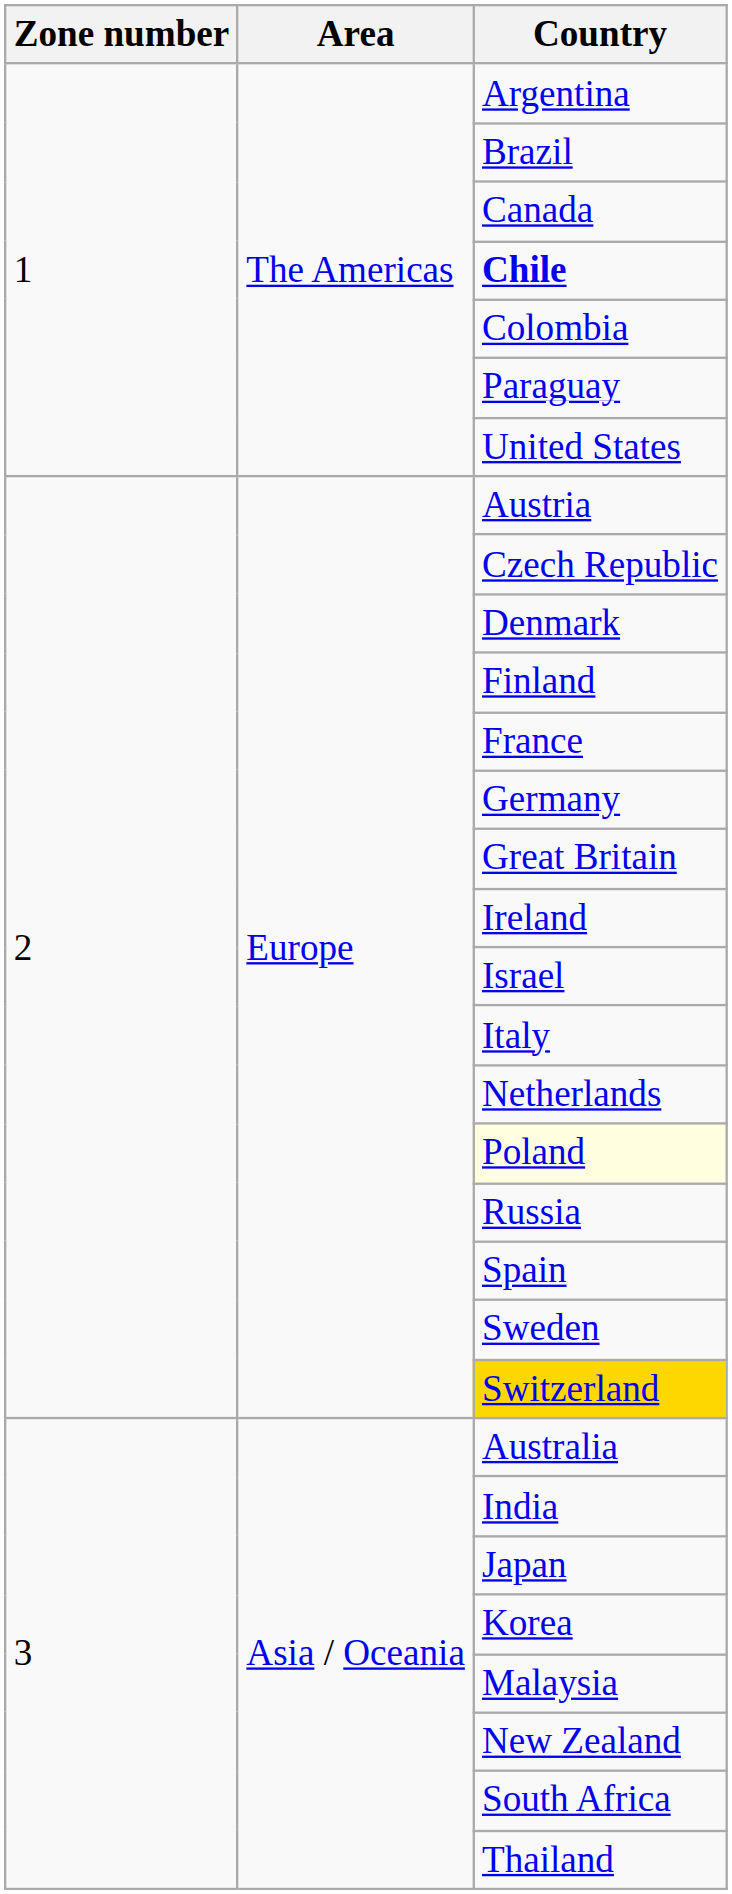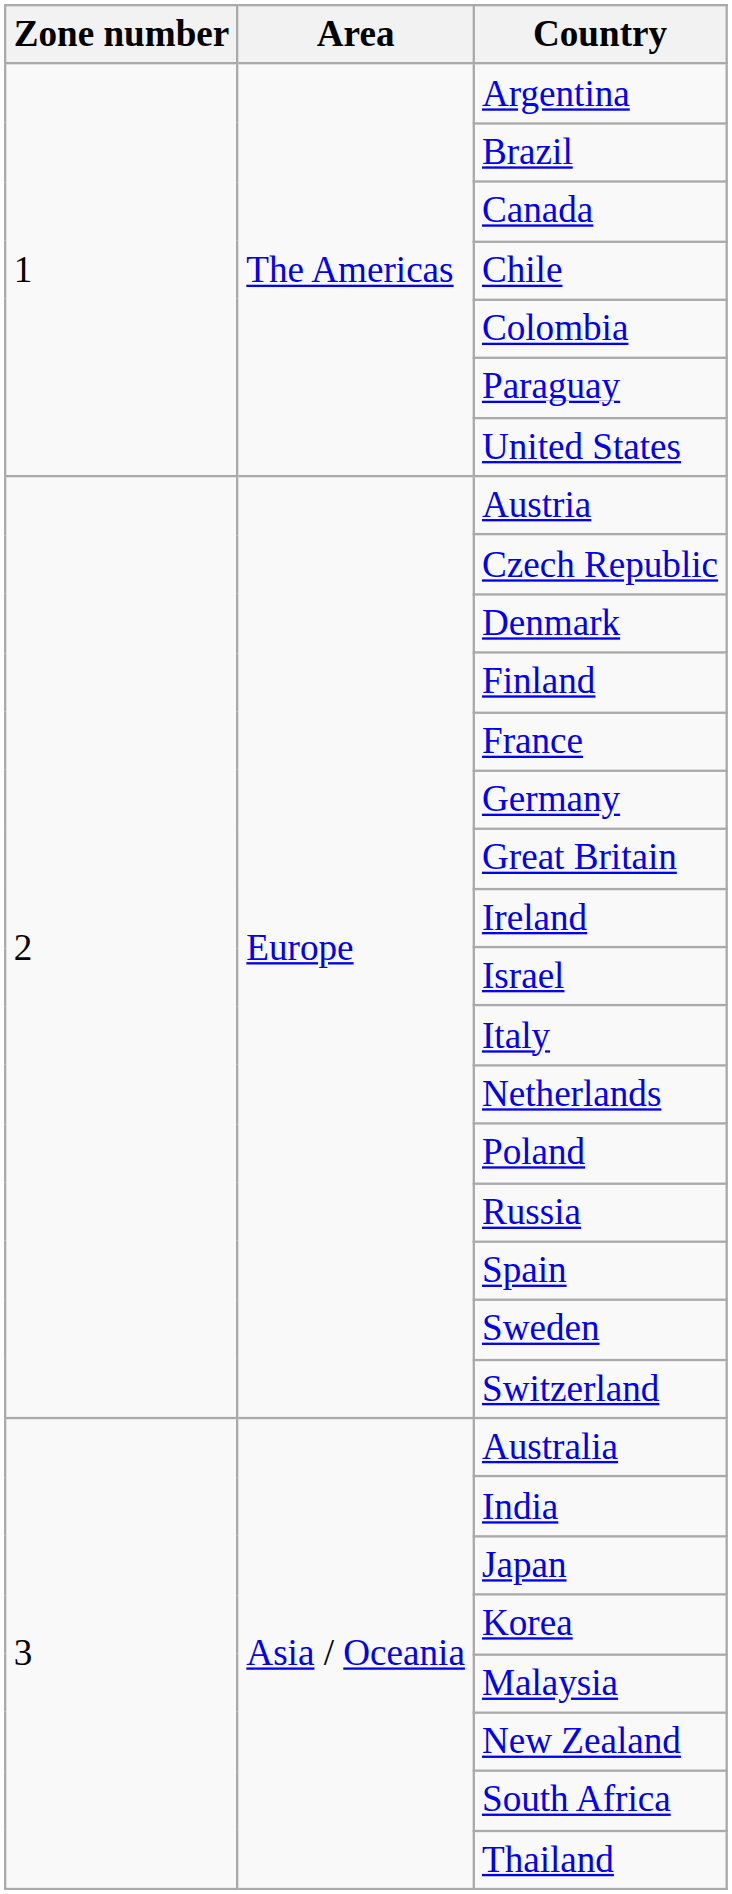 <table class="wikitable">
 <tr>
 <th>Zone number</th>
 <th>Area</th>
 <th>Country</th>
 </tr>
 <tr>
 <td rowspan=7>1</td>
 <td rowspan=7><a href='#'>The Americas</a></td>
 <td><a href='#'>Argentina</a></td>
 </tr>
 <tr>
 <td><a href='#'>Brazil</a></td>
 </tr>
 <tr>
 <td><a href='#'>Canada</a></td>
 </tr>
 <tr>
-<td><strong><a href='#'>Chile</a></strong></td>
+<td><a href='#'>Chile</a></td>
 </tr>
 <tr>
 <td><a href='#'>Colombia</a></td>
 </tr>
 <tr>
 <td><a href='#'>Paraguay</a></td>
 </tr>
 <tr>
 <td><a href='#'>United States</a></td>
 </tr>
 <tr>
 <td rowspan=16>2</td>
 <td rowspan=16><a href='#'>Europe</a></td>
 <td><a href='#'>Austria</a></td>
 </tr>
 <tr>
 <td><a href='#'>Czech Republic</a></td>
 </tr>
 <tr>
 <td><a href='#'>Denmark</a></td>
 </tr>
 <tr>
 <td><a href='#'>Finland</a></td>
 </tr>
 <tr>
 <td><a href='#'>France</a></td>
 </tr>
 <tr>
 <td><a href='#'>Germany</a></td>
 </tr>
 <tr>
 <td><a href='#'>Great Britain</a></td>
 </tr>
 <tr>
 <td><a href='#'>Ireland</a></td>
 </tr>
 <tr>
 <td><a href='#'>Israel</a></td>
 </tr>
 <tr>
 <td><a href='#'>Italy</a></td>
 </tr>
 <tr>
 <td><a href='#'>Netherlands</a></td>
 </tr>
 <tr>
-<td style="background: lightyellow;"><a href='#'>Poland</a></td>
+<td><a href='#'>Poland</a></td>
 </tr>
 <tr>
 <td><a href='#'>Russia</a></td>
 </tr>
 <tr>
 <td><a href='#'>Spain</a></td>
 </tr>
 <tr>
 <td><a href='#'>Sweden</a></td>
 </tr>
 <tr>
-<td style="background: gold;"><a href='#'>Switzerland</a></td>
+<td><a href='#'>Switzerland</a></td>
 </tr>
 <tr>
 <td rowspan=8>3</td>
 <td rowspan=8><a href='#'>Asia</a> / <a href='#'>Oceania</a></td>
 <td><a href='#'>Australia</a></td>
 </tr>
 <tr>
 <td><a href='#'>India</a></td>
 </tr>
 <tr>
 <td><a href='#'>Japan</a></td>
 </tr>
 <tr>
 <td><a href='#'>Korea</a></td>
 </tr>
 <tr>
 <td><a href='#'>Malaysia</a></td>
 </tr>
 <tr>
 <td><a href='#'>New Zealand</a></td>
 </tr>
 <tr>
 <td><a href='#'>South Africa</a></td>
 </tr>
 <tr>
 <td><a href='#'>Thailand</a></td>
 </tr>
 </table>
